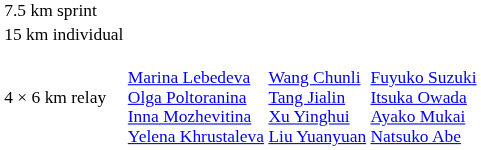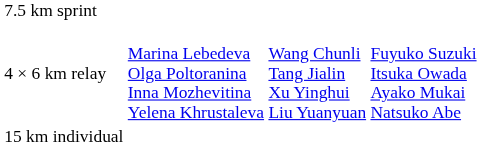 <table>
 <tr>
 <td>7.5 km sprint<br></td>
-<td></td>
-<td></td>
-<td></td>
-</tr>
-<tr>
-<td>15 km individual<br></td>
 <td></td>
 <td></td>
 <td></td>
 </tr>
 <tr>
 <td>4 × 6 km relay<br></td>
 <td><br><a href='#'>Marina Lebedeva</a><br><a href='#'>Olga Poltoranina</a><br><a href='#'>Inna Mozhevitina</a><br><a href='#'>Yelena Khrustaleva</a></td>
 <td><br><a href='#'>Wang Chunli</a><br><a href='#'>Tang Jialin</a><br><a href='#'>Xu Yinghui</a><br><a href='#'>Liu Yuanyuan</a></td>
 <td><br><a href='#'>Fuyuko Suzuki</a><br><a href='#'>Itsuka Owada</a><br><a href='#'>Ayako Mukai</a><br><a href='#'>Natsuko Abe</a></td>
 </tr>
+<tr>
+<td>15 km individual<br></td>
+<td></td>
+<td></td>
+<td></td>
+</tr>
 </table>
